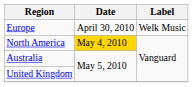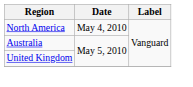 <table class="wikitable">
 <tr>
 <th>Region</th>
 <th>Date</th>
 <th>Label</th>
 </tr>
 <tr>
-<td><a href='#'>Europe</a></td>
-<td>April 30, 2010</td>
-<td>Welk Music</td>
-</tr>
-<tr>
 <td><a href='#'>North America</a></td>
-<td style="background: gold;">May 4, 2010</td>
+<td>May 4, 2010</td>
 <td rowspan="3">Vanguard</td>
 </tr>
 <tr>
 <td><a href='#'>Australia</a></td>
 <td rowspan="2">May 5, 2010</td>
 </tr>
 <tr>
 <td><a href='#'>United Kingdom</a></td>
 </tr>
 <tr>
 </tr>
 </table>
